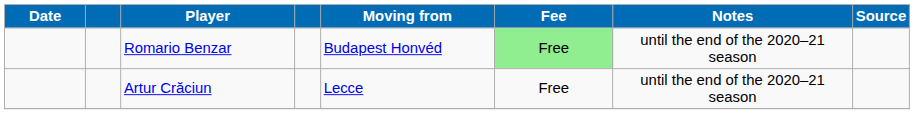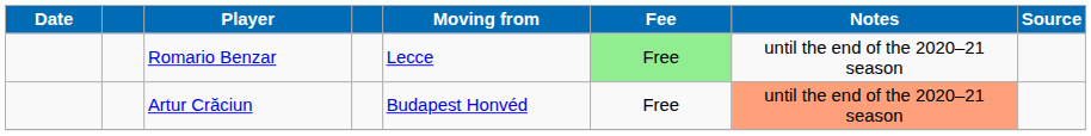 <table class="wikitable sortable">
 <tr>
 <th style="width:80px; background:#006cb5; color: white;">Date</th>
 <th style="width:30px; background:#006cb5; color: white;"></th>
 <th style="width:180px; background:#006cb5; color: white;">Player</th>
 <th style="width:20px; background:#006cb5; color: white;"></th>
 <th style="width:180px; background:#006cb5; color: white;">Moving from</th>
 <th style="width:120px; background:#006cb5; color: white;" class="unsortable">Fee</th>
 <th style="width:250px; background:#006cb5; color: white;" class="unsortable">Notes</th>
 <th style="width:20px; background:#006cb5; color: white;">Source</th>
 </tr>
 <tr>
 <td></td>
 <td align=center></td>
 <td> <a href='#'>Romario Benzar</a></td>
 <td align=center></td>
-<td> <a href='#'>Budapest Honvéd</a></td>
+<td> <a href='#'>Lecce</a></td>
 <td align=center style="background: lightgreen;">Free</td>
 <td align=center>until the end of the 2020–21 season</td>
 <td></td>
 </tr>
 <tr>
 <td></td>
 <td align=center></td>
 <td> <a href='#'>Artur Crăciun</a></td>
 <td align=center></td>
-<td> <a href='#'>Lecce</a></td>
+<td> <a href='#'>Budapest Honvéd</a></td>
 <td align=center>Free</td>
-<td align=center>until the end of the 2020–21 season</td>
+<td align=center style="background: lightsalmon;">until the end of the 2020–21 season</td>
 <td></td>
 </tr>
 <tr>
 </tr>
 </table>
